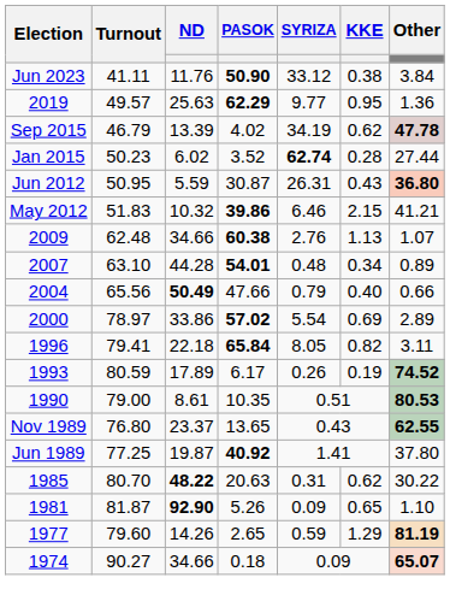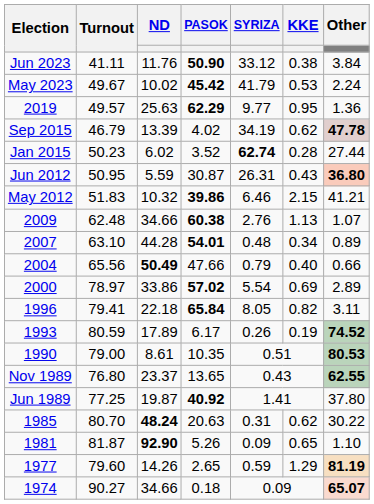 <table class="wikitable collapsible" style="text-align:center; font-size:95%; line-height:16px;">
 <tr style="height:42px;">
 <th rowspan="2">Election</th>
 <th rowspan="2" style="width:50px;">Turnout</th>
 <th style="width:35px;"><a href='#'>ND</a></th>
 <th style="width:35px; font-size:85%;"><a href='#'>PASOK</a></th>
 <th style="width:35px; font-size:85%;"><a href='#'>SYRIZA</a></th>
 <th style="width:35px;"><a href='#'>KKE</a></th>
 <th style="width:35px;">Other</th>
 </tr>
 <tr>
 <th style="color:inherit;background:"></th>
 <th style="color:inherit;background:"></th>
 <th style="color:inherit;background:"></th>
 <th style="color:inherit;background:"></th>
 <th style="color:inherit;background:Grey;"></th>
 </tr>
 <tr>
 <td><a href='#'>Jun 2023</a></td>
 <td>41.11</td>
 <td>11.76</td>
 <td><strong>50.90</strong></td>
 <td>33.12</td>
 <td>0.38</td>
 <td>3.84</td>
+</tr>
+<tr>
+<td><a href='#'>May 2023</a></td>
+<td>49.67</td>
+<td>10.02</td>
+<td><strong>45.42</strong></td>
+<td>41.79</td>
+<td>0.53</td>
+<td>2.24</td>
 </tr>
 <tr>
 <td><a href='#'>2019</a></td>
 <td>49.57</td>
 <td>25.63</td>
 <td><strong>62.29</strong></td>
 <td>9.77</td>
 <td>0.95</td>
 <td>1.36</td>
 </tr>
 <tr>
 <td><a href='#'>Sep 2015</a></td>
 <td>46.79</td>
 <td>13.39</td>
 <td>4.02</td>
 <td>34.19</td>
 <td>0.62</td>
 <td style="background:#e1cfce;"><strong>47.78</strong></td>
 </tr>
 <tr>
 <td><a href='#'>Jan 2015</a></td>
 <td>50.23</td>
 <td>6.02</td>
 <td>3.52</td>
 <td><strong>62.74</strong></td>
 <td>0.28</td>
 <td>27.44</td>
 </tr>
 <tr>
 <td><a href='#'>Jun 2012</a></td>
 <td>50.95</td>
 <td>5.59</td>
 <td>30.87</td>
 <td>26.31</td>
 <td>0.43</td>
 <td style="background:#facbbb;"><strong>36.80</strong></td>
 </tr>
 <tr>
 <td><a href='#'>May 2012</a></td>
 <td>51.83</td>
 <td>10.32</td>
 <td><strong>39.86</strong></td>
 <td>6.46</td>
 <td>2.15</td>
 <td>41.21</td>
 </tr>
 <tr>
 <td><a href='#'>2009</a></td>
 <td>62.48</td>
 <td>34.66</td>
 <td><strong>60.38</strong></td>
 <td>2.76</td>
 <td>1.13</td>
 <td>1.07</td>
 </tr>
 <tr>
 <td><a href='#'>2007</a></td>
 <td>63.10</td>
 <td>44.28</td>
 <td><strong>54.01</strong></td>
 <td>0.48</td>
 <td>0.34</td>
 <td>0.89</td>
 </tr>
 <tr>
 <td><a href='#'>2004</a></td>
 <td>65.56</td>
 <td><strong>50.49</strong></td>
 <td>47.66</td>
 <td>0.79</td>
 <td>0.40</td>
 <td>0.66</td>
 </tr>
 <tr>
 <td><a href='#'>2000</a></td>
 <td>78.97</td>
 <td>33.86</td>
 <td><strong>57.02</strong></td>
 <td>5.54</td>
 <td>0.69</td>
 <td>2.89</td>
 </tr>
 <tr>
 <td><a href='#'>1996</a></td>
 <td>79.41</td>
 <td>22.18</td>
 <td><strong>65.84</strong></td>
 <td>8.05</td>
 <td>0.82</td>
 <td>3.11</td>
 </tr>
 <tr>
 <td><a href='#'>1993</a></td>
 <td>80.59</td>
 <td>17.89</td>
 <td>6.17</td>
 <td>0.26</td>
 <td>0.19</td>
 <td style="background:#bad4bb;"><strong>74.52</strong></td>
 </tr>
 <tr>
 <td><a href='#'>1990</a></td>
 <td>79.00</td>
 <td>8.61</td>
 <td>10.35</td>
 <td colspan="2">0.51</td>
 <td style="background:#bad4bb;"><strong>80.53</strong></td>
 </tr>
 <tr>
 <td><a href='#'>Nov 1989</a></td>
 <td>76.80</td>
 <td>23.37</td>
 <td>13.65</td>
 <td colspan="2">0.43</td>
 <td style="background:#bad4bb;"><strong>62.55</strong></td>
 </tr>
 <tr>
 <td><a href='#'>Jun 1989</a></td>
 <td>77.25</td>
 <td>19.87</td>
 <td><strong>40.92</strong></td>
 <td colspan="2">1.41</td>
 <td>37.80</td>
 </tr>
 <tr>
 <td><a href='#'>1985</a></td>
 <td>80.70</td>
-<td><strong>48.22</strong></td>
+<td><strong>48.24</strong></td>
 <td>20.63</td>
 <td>0.31</td>
 <td>0.62</td>
 <td>30.22</td>
 </tr>
 <tr>
 <td><a href='#'>1981</a></td>
 <td>81.87</td>
 <td><strong>92.90</strong></td>
 <td>5.26</td>
 <td>0.09</td>
 <td>0.65</td>
 <td>1.10</td>
 </tr>
 <tr>
 <td><a href='#'>1977</a></td>
 <td>79.60</td>
 <td>14.26</td>
 <td>2.65</td>
 <td>0.59</td>
 <td>1.29</td>
 <td style="background:#f7dfc1;"><strong>81.19</strong></td>
 </tr>
 <tr>
 <td><a href='#'>1974</a></td>
 <td>90.27</td>
 <td>34.66</td>
 <td>0.18</td>
 <td colspan="2">0.09</td>
 <td style="background:#fadacf;"><strong>65.07</strong></td>
 </tr>
 </table>
